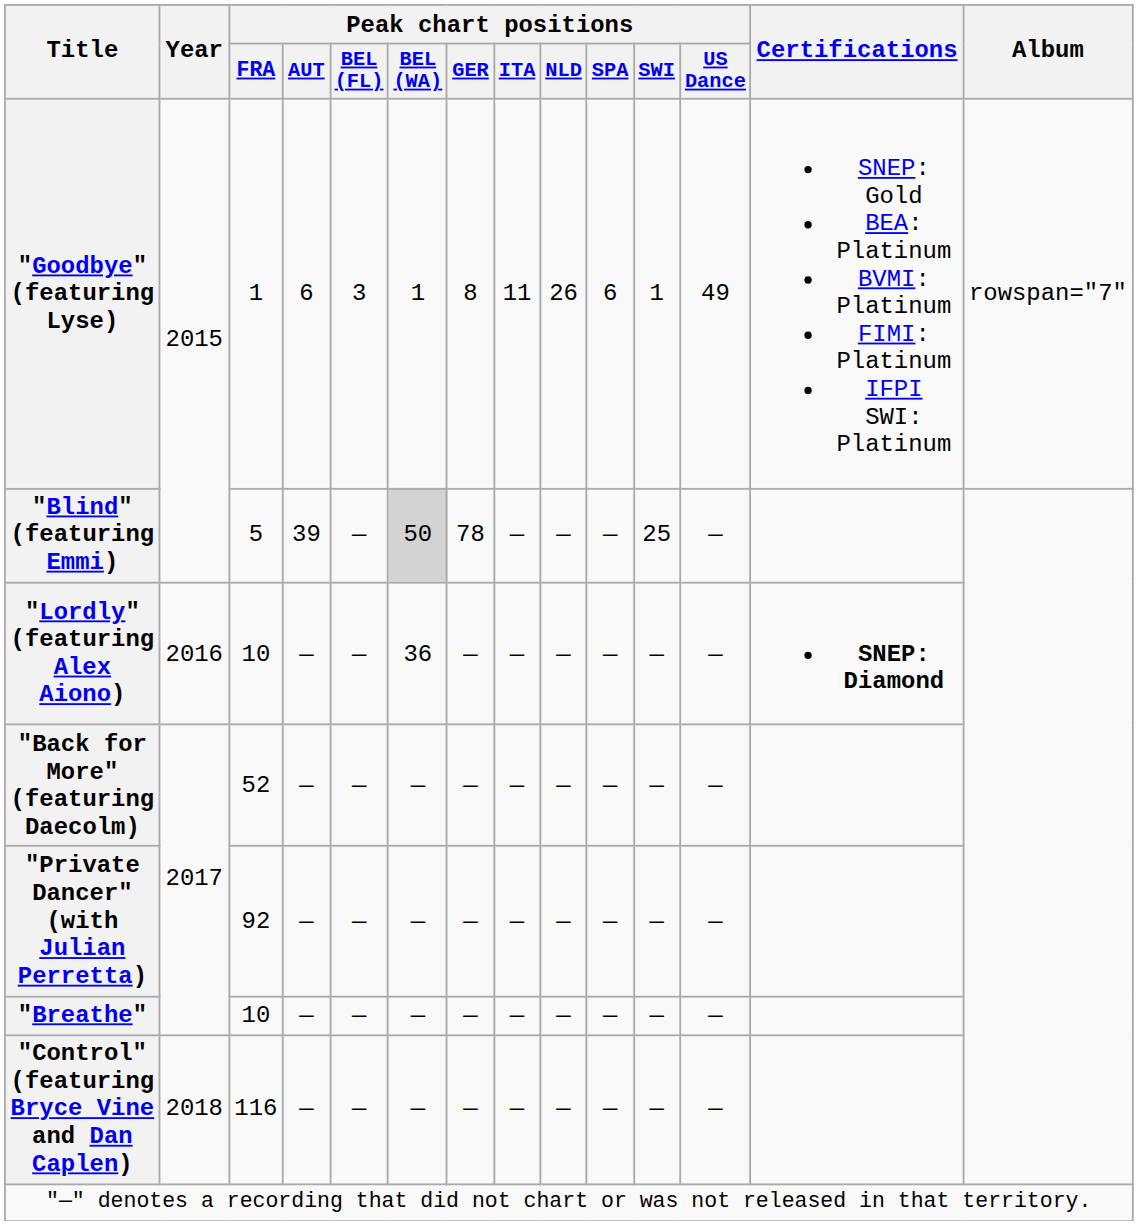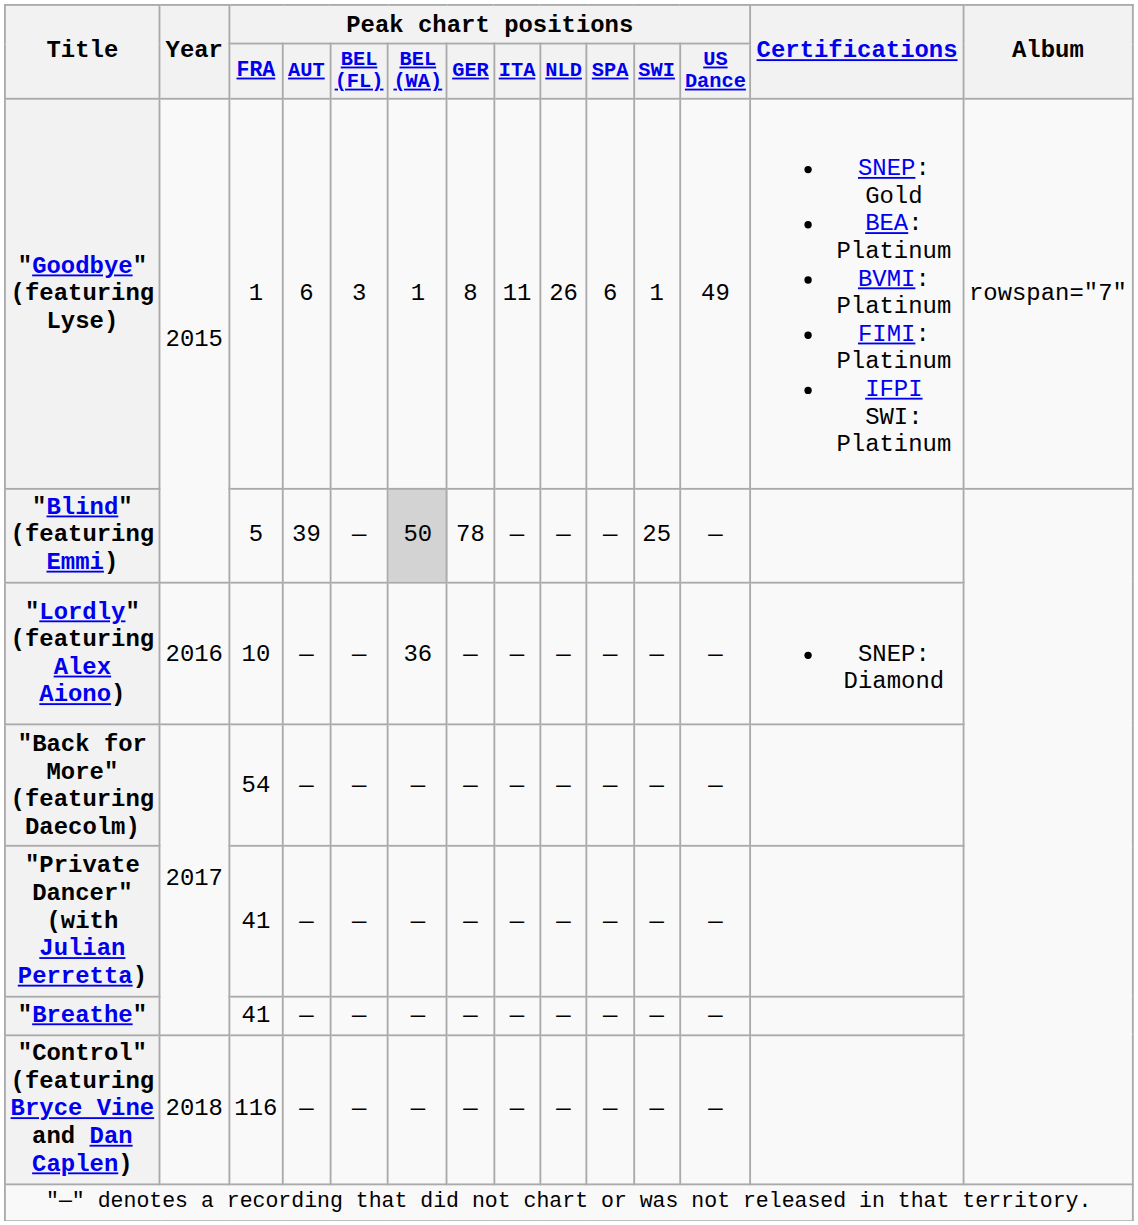 <table class="wikitable plainrowheaders" style="text-align:center;">
 <tr>
 <th scope="col" rowspan="2" style="width:14em;">Title</th>
 <th scope="col" rowspan="2" style="width:1em;">Year</th>
 <th colspan="10" scope="col">Peak chart positions</th>
 <th scope="col" rowspan="2" style="width:13em;"><a href='#'>Certifications</a></th>
 <th scope="col" rowspan="2">Album</th>
 </tr>
 <tr>
 <th scope="col" style="width:2.5em;font-size:90%;"><a href='#'>FRA</a><br></th>
 <th scope="col" style="width:3em;font-size:85%;"><a href='#'>AUT</a><br></th>
 <th scope="col" style="width:3em;font-size:85%;"><a href='#'>BEL<br>(FL)</a><br></th>
 <th scope="col" style="width:3em;font-size:85%;"><a href='#'>BEL<br>(WA)</a><br></th>
 <th scope="col" style="width:3em;font-size:85%;"><a href='#'>GER</a><br></th>
 <th scope="col" style="width:3em;font-size:85%;"><a href='#'>ITA</a><br></th>
 <th scope="col" style="width:3em;font-size:85%;"><a href='#'>NLD</a><br></th>
 <th scope="col" style="width:3em;font-size:85%;"><a href='#'>SPA</a></th>
 <th scope="col" style="width:3em;font-size:85%;"><a href='#'>SWI</a><br></th>
 <th scope="col" style="width:3em;font-size:85%;"><a href='#'>US<br>Dance</a></th>
 </tr>
 <tr>
 <th scope="row">"<a href='#'>Goodbye</a>"<br><span>(featuring Lyse)</span></th>
 <td rowspan="2">2015</td>
 <td>1</td>
 <td>6</td>
 <td>3</td>
 <td>1</td>
 <td>8</td>
 <td>11</td>
 <td>26</td>
 <td>6</td>
 <td>1</td>
 <td>49</td>
 <td><br><ul><li><a href='#'>SNEP</a>: Gold</li><li><a href='#'>BEA</a>: Platinum</li><li><a href='#'>BVMI</a>: Platinum</li><li><a href='#'>FIMI</a>: Platinum</li><li><a href='#'>IFPI</a> SWI: Platinum</li></ul></td>
 <td>rowspan="7" </td>
 </tr>
 <tr>
 <th scope="row">"<a href='#'>Blind</a>"<br><span>(featuring <a href='#'>Emmi</a>)</span></th>
 <td>5</td>
 <td>39</td>
 <td>—</td>
 <td style="background: lightgrey;">50</td>
 <td>78</td>
 <td>—</td>
 <td>—</td>
 <td>—</td>
 <td>25</td>
 <td>—</td>
 <td></td>
 </tr>
 <tr>
 <th scope="row">"<a href='#'>Lordly</a>"<br><span>(featuring <a href='#'>Alex Aiono</a>)</span></th>
 <td>2016</td>
 <td>10</td>
 <td>—</td>
 <td>—</td>
 <td>36</td>
 <td>—</td>
 <td>—</td>
 <td>—</td>
 <td>—</td>
 <td>—</td>
 <td>—</td>
-<td><strong><br><ul><li>SNEP: Diamond</li></ul></strong></td>
+<td><br><ul><li>SNEP: Diamond</li></ul></td>
 </tr>
 <tr>
 <th scope="row">"Back for More"<br><span>(featuring Daecolm)</span></th>
 <td rowspan="3">2017</td>
-<td>52</td>
+<td>54</td>
 <td>—</td>
 <td>—</td>
 <td>—</td>
 <td>—</td>
 <td>—</td>
 <td>—</td>
 <td>—</td>
 <td>—</td>
 <td>—</td>
 <td></td>
 </tr>
 <tr>
 <th scope="row">"Private Dancer"<br><span>(with <a href='#'>Julian Perretta</a>)</span></th>
-<td>92</td>
+<td>41</td>
 <td>—</td>
 <td>—</td>
 <td>—</td>
 <td>—</td>
 <td>—</td>
 <td>—</td>
 <td>—</td>
 <td>—</td>
 <td>—</td>
 <td></td>
 </tr>
 <tr>
 <th scope="row">"<a href='#'>Breathe</a>"</th>
-<td>10</td>
+<td>41</td>
 <td>—</td>
 <td>—</td>
 <td>—</td>
 <td>—</td>
 <td>—</td>
 <td>—</td>
 <td>—</td>
 <td>—</td>
 <td>—</td>
 <td></td>
 </tr>
 <tr>
 <th scope="row">"Control"<br><span>(featuring <a href='#'>Bryce Vine</a> and <a href='#'>Dan Caplen</a>)</span></th>
 <td>2018</td>
 <td>116<br></td>
 <td>—</td>
 <td>—</td>
 <td>—</td>
 <td>—</td>
 <td>—</td>
 <td>—</td>
 <td>—</td>
 <td>—</td>
 <td>—</td>
 <td></td>
 </tr>
 <tr>
 <td colspan="15" style="font-size:90%">"—" denotes a recording that did not chart or was not released in that territory.</td>
 </tr>
 </table>
